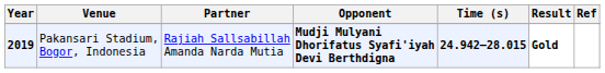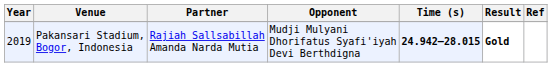 <table class="sortable wikitable" style="font-size: 90%;">
 <tr>
 <th>Year</th>
 <th>Venue</th>
 <th>Partner</th>
 <th>Opponent</th>
 <th>Time (s)</th>
 <th>Result</th>
 <th>Ref</th>
 </tr>
 <tr>
 </tr>
 <tr style="background:#ECF2FF">
-<td align="center"><strong>2019</strong></td>
+<td align="center">2019</td>
 <td>Pakansari Stadium,<br> <a href='#'>Bogor</a>, Indonesia</td>
 <td align="left"> <a href='#'>Rajiah Sallsabillah</a><br> Amanda Narda Mutia</td>
-<td align="left"><strong> Mudji Mulyani<br>  Dhorifatus Syafi'iyah <br> Devi Berthdigna</strong></td>
+<td align="left"> Mudji Mulyani<br>  Dhorifatus Syafi'iyah <br> Devi Berthdigna</td>
 <td><strong>24.942–28.015</strong></td>
 <td style="text-align:left; background:white"> <strong>Gold</strong></td>
 <td style="text-align:center; background:white"></td>
 </tr>
 </table>
